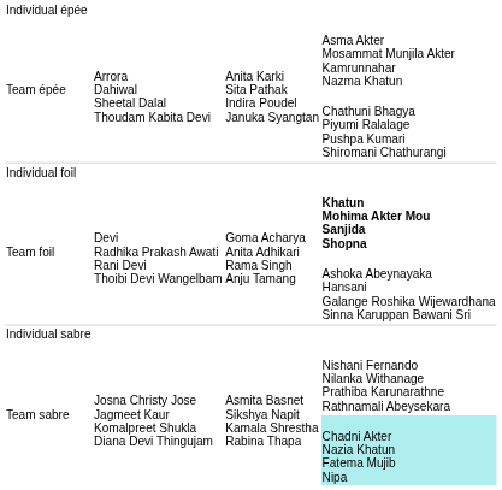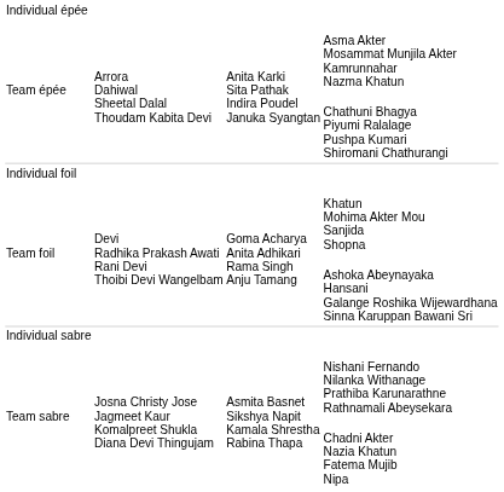 <table>
 <tr>
 <td rowspan=2>Individual épée</td>
 <td rowspan=2></td>
 <td rowspan=2></td>
 <td></td>
 </tr>
 <tr>
 <td></td>
 </tr>
 <tr>
 <td rowspan=2>Team épée</td>
 <td rowspan=2><br>Arrora<br>Dahiwal<br>Sheetal Dalal<br>Thoudam Kabita Devi</td>
 <td rowspan=2><br>Anita Karki<br>Sita Pathak<br>Indira Poudel<br>Januka Syangtan</td>
 <td><br>Asma Akter<br>Mosammat Munjila Akter<br>Kamrunnahar<br>Nazma Khatun</td>
 </tr>
 <tr>
 <td><br>Chathuni Bhagya<br>Piyumi Ralalage<br>Pushpa Kumari<br>Shiromani Chathurangi</td>
 </tr>
 <tr>
 <td colspan="7" style="background:#dddddd;"></td>
 </tr>
 <tr>
 <td rowspan=2>Individual foil</td>
 <td rowspan=2></td>
 <td rowspan=2></td>
 <td></td>
 </tr>
 <tr>
 <td></td>
 </tr>
 <tr>
 <td rowspan=2>Team foil</td>
 <td rowspan=2><br>Devi<br>Radhika Prakash Awati<br>Rani Devi<br>Thoibi Devi Wangelbam</td>
 <td rowspan=2><br>Goma Acharya<br>Anita Adhikari<br>Rama Singh<br>Anju Tamang</td>
-<td><strong><br>Khatun<br>Mohima Akter Mou<br>Sanjida<br>Shopna</strong></td>
+<td><br>Khatun<br>Mohima Akter Mou<br>Sanjida<br>Shopna</td>
 </tr>
 <tr>
 <td><br>Ashoka Abeynayaka<br>Hansani<br>Galange Roshika Wijewardhana<br>Sinna Karuppan Bawani Sri</td>
 </tr>
 <tr>
 <td colspan="7" style="background:#dddddd;"></td>
 </tr>
 <tr>
 <td rowspan=2>Individual sabre</td>
 <td rowspan=2></td>
 <td rowspan=2></td>
 <td></td>
 </tr>
 <tr>
 <td></td>
 </tr>
 <tr>
 <td rowspan=2>Team sabre</td>
 <td rowspan=2><br>Josna Christy Jose<br> Jagmeet Kaur<br>Komalpreet Shukla<br>Diana Devi Thingujam</td>
 <td rowspan=2><br>Asmita Basnet<br>Sikshya Napit<br>Kamala Shrestha<br>Rabina Thapa</td>
 <td><br>Nishani Fernando<br>Nilanka Withanage<br>Prathiba Karunarathne<br>Rathnamali Abeysekara</td>
 </tr>
 <tr>
-<td style="background: paleturquoise;"><br>Chadni Akter<br>Nazia Khatun<br>Fatema Mujib<br>Nipa</td>
+<td><br>Chadni Akter<br>Nazia Khatun<br>Fatema Mujib<br>Nipa</td>
 </tr>
 </table>
